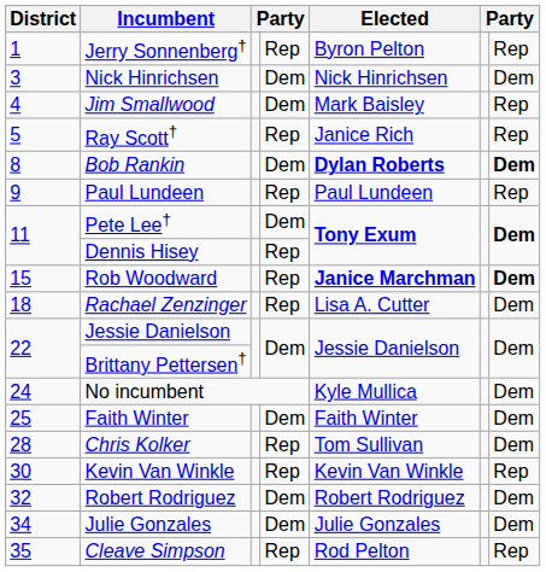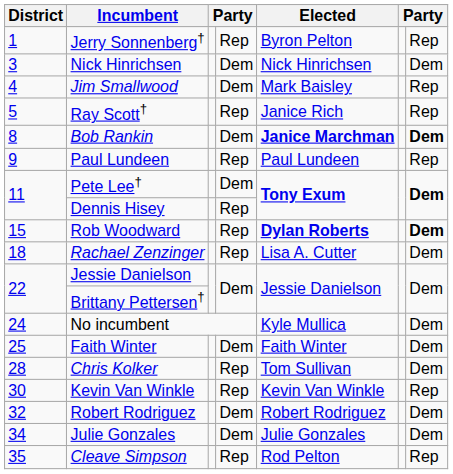 <table class="sortable wikitable" style="font-size:95%;line-height:14px;">
 <tr>
 <th class="unsortable">District</th>
 <th class="unsortable"><a href='#'>Incumbent</a></th>
 <th colspan="2">Party</th>
 <th class="unsortable">Elected</th>
 <th colspan="2">Party</th>
 </tr>
 <tr>
 <td><a href='#'>1</a></td>
 <td><a href='#'>Jerry Sonnenberg</a><sup>†</sup></td>
 <td style="background:"></td>
 <td>Rep</td>
 <td><a href='#'>Byron Pelton</a></td>
 <td style="background:"></td>
 <td>Rep</td>
 </tr>
 <tr>
 <td><a href='#'>3</a></td>
 <td><a href='#'>Nick Hinrichsen</a></td>
 <td style="background:"></td>
 <td>Dem</td>
 <td><a href='#'>Nick Hinrichsen</a></td>
 <td style="background:"></td>
 <td>Dem</td>
 </tr>
 <tr>
 <td><a href='#'>4</a></td>
 <td><em><a href='#'>Jim Smallwood</a></em></td>
 <td style="background:"></td>
 <td>Dem</td>
 <td><a href='#'>Mark Baisley</a></td>
 <td style="background:"></td>
 <td>Rep</td>
 </tr>
 <tr>
 <td><a href='#'>5</a></td>
 <td><a href='#'>Ray Scott</a><sup>†</sup></td>
 <td style="background:"></td>
 <td>Rep</td>
 <td><a href='#'>Janice Rich</a></td>
 <td style="background:"></td>
 <td>Rep</td>
 </tr>
 <tr>
 <td><a href='#'>8</a></td>
 <td><em><a href='#'>Bob Rankin</a></em></td>
 <td style="background:"></td>
 <td>Dem</td>
-<td><strong><a href='#'>Dylan Roberts</a></strong></td>
+<td><strong><a href='#'>Janice Marchman</a></strong></td>
 <td style="background:"></td>
 <td><strong>Dem</strong></td>
 </tr>
 <tr>
 <td><a href='#'>9</a></td>
 <td><a href='#'>Paul Lundeen</a></td>
 <td style="background:"></td>
 <td>Rep</td>
 <td><a href='#'>Paul Lundeen</a></td>
 <td style="background:"></td>
 <td>Rep</td>
 </tr>
 <tr>
 <td rowspan=2><a href='#'>11</a></td>
 <td><a href='#'>Pete Lee</a><sup>†</sup></td>
 <td style="background:"></td>
 <td>Dem</td>
 <td rowspan=2><strong><a href='#'>Tony Exum</a></strong></td>
 <td rowspan=2 style="background:"></td>
 <td rowspan=2><strong>Dem</strong></td>
 </tr>
 <tr>
 <td><a href='#'>Dennis Hisey</a></td>
 <td style="background:"></td>
 <td>Rep</td>
 </tr>
 <tr>
 <td><a href='#'>15</a></td>
 <td><a href='#'>Rob Woodward</a></td>
 <td style="background:"></td>
 <td>Rep</td>
-<td><strong><a href='#'>Janice Marchman</a></strong></td>
+<td><strong><a href='#'>Dylan Roberts</a></strong></td>
 <td style="background:"></td>
 <td><strong>Dem</strong></td>
 </tr>
 <tr>
 <td><a href='#'>18</a></td>
 <td><em><a href='#'>Rachael Zenzinger</a></em></td>
 <td style="background:"></td>
 <td>Rep</td>
 <td><a href='#'>Lisa A. Cutter</a></td>
 <td style="background:"></td>
 <td>Dem</td>
 </tr>
 <tr>
 <td rowspan=2><a href='#'>22</a></td>
 <td><a href='#'>Jessie Danielson</a></td>
 <td rowspan=2 style="background:"></td>
 <td rowspan=2>Dem</td>
 <td rowspan=2><a href='#'>Jessie Danielson</a></td>
 <td rowspan=2 style="background:"></td>
 <td rowspan=2>Dem</td>
 </tr>
 <tr>
 <td><a href='#'>Brittany Pettersen</a><sup>†</sup></td>
 </tr>
 <tr>
 <td><a href='#'>24</a></td>
 <td colspan="3">No incumbent</td>
 <td><a href='#'>Kyle Mullica</a></td>
 <td style="background:"></td>
 <td>Dem</td>
 </tr>
 <tr>
 <td><a href='#'>25</a></td>
 <td><a href='#'>Faith Winter</a></td>
 <td style="background:"></td>
 <td>Dem</td>
 <td><a href='#'>Faith Winter</a></td>
 <td style="background:"></td>
 <td>Dem</td>
 </tr>
 <tr>
 <td><a href='#'>28</a></td>
 <td><em><a href='#'>Chris Kolker</a></em></td>
 <td style="background:"></td>
 <td>Rep</td>
 <td><a href='#'>Tom Sullivan</a></td>
 <td style="background:"></td>
 <td>Dem</td>
 </tr>
 <tr>
 <td><a href='#'>30</a></td>
 <td><a href='#'>Kevin Van Winkle</a></td>
 <td style="background:"></td>
 <td>Rep</td>
 <td><a href='#'>Kevin Van Winkle</a></td>
 <td style="background:"></td>
 <td>Rep</td>
 </tr>
 <tr>
 <td><a href='#'>32</a></td>
 <td><a href='#'>Robert Rodriguez</a></td>
 <td style="background:"></td>
 <td>Dem</td>
 <td><a href='#'>Robert Rodriguez</a></td>
 <td style="background:"></td>
 <td>Dem</td>
 </tr>
 <tr>
 <td><a href='#'>34</a></td>
 <td><a href='#'>Julie Gonzales</a></td>
 <td style="background:"></td>
 <td>Dem</td>
 <td><a href='#'>Julie Gonzales</a></td>
 <td style="background:"></td>
 <td>Dem</td>
 </tr>
 <tr>
 <td><a href='#'>35</a></td>
 <td><em><a href='#'>Cleave Simpson</a></em></td>
 <td style="background:"></td>
 <td>Rep</td>
 <td><a href='#'>Rod Pelton</a></td>
 <td style="background:"></td>
 <td>Rep</td>
 </tr>
 </table>
